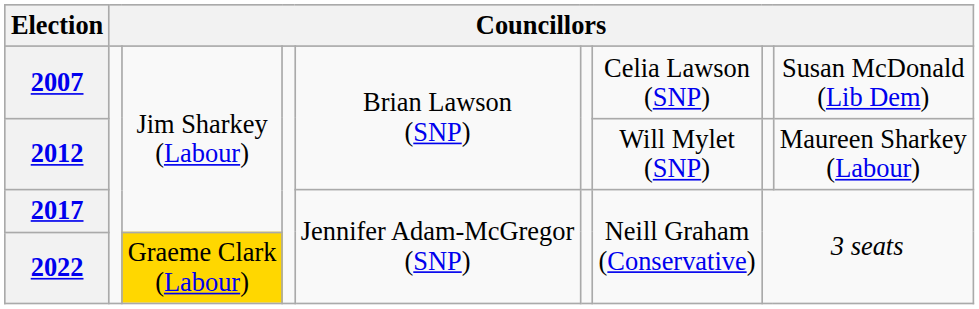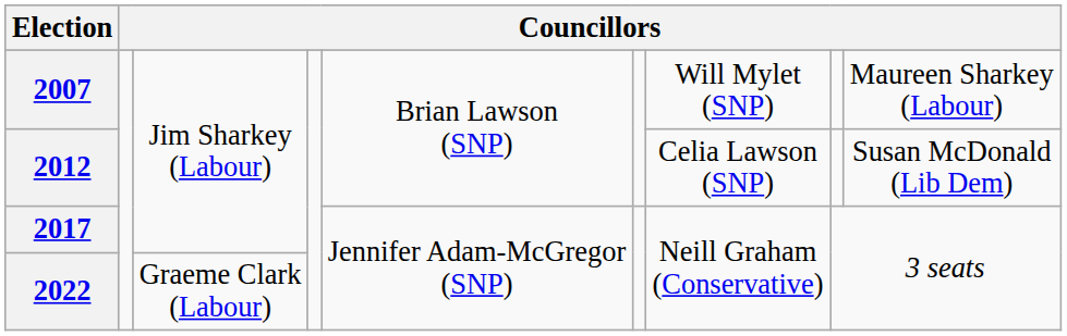 <table class="wikitable" style="text-align:center">
 <tr>
 <th>Election</th>
 <th colspan=8>Councillors</th>
 </tr>
 <tr>
 <th><a href='#'>2007</a></th>
 <td rowspan=4 style="color:inherit;background-color: "></td>
 <td rowspan=3>Jim Sharkey<br>(<a href='#'>Labour</a>)</td>
 <td rowspan=4 style="color:inherit;background-color: "></td>
 <td rowspan=2>Brian Lawson<br>(<a href='#'>SNP</a>)</td>
 <td rowspan=2 style="color:inherit;background-color: "></td>
+<td rowspan=1>Will Mylet<br>(<a href='#'>SNP</a>)</td>
+<td rowspan=1 style="color:inherit;background-color: "></td>
+<td rowspan=1>Maureen Sharkey<br>(<a href='#'>Labour</a>)</td>
+</tr>
+<tr>
+<th><a href='#'>2012</a></th>
 <td rowspan=1>Celia Lawson<br>(<a href='#'>SNP</a>)</td>
 <td rowspan=1 style="color:inherit;background-color: "></td>
 <td rowspan=1>Susan McDonald<br>(<a href='#'>Lib Dem</a>)</td>
-</tr>
-<tr>
-<th><a href='#'>2012</a></th>
-<td rowspan=1>Will Mylet<br>(<a href='#'>SNP</a>)</td>
-<td rowspan=1 style="color:inherit;background-color: "></td>
-<td rowspan=1>Maureen Sharkey<br>(<a href='#'>Labour</a>)</td>
 </tr>
 <tr>
 <th><a href='#'>2017</a></th>
 <td rowspan=2>Jennifer Adam-McGregor<br>(<a href='#'>SNP</a>)</td>
 <td rowspan=2 style="color:inherit;background-color: "></td>
 <td rowspan=2>Neill Graham<br>(<a href='#'>Conservative</a>)</td>
 <td rowspan=2; colspan=2><em>3 seats</em></td>
 </tr>
 <tr>
 <th><a href='#'>2022</a></th>
-<td rowspan=1 style="background: gold;">Graeme Clark<br>(<a href='#'>Labour</a>)</td>
+<td rowspan=1>Graeme Clark<br>(<a href='#'>Labour</a>)</td>
 </tr>
 </table>
